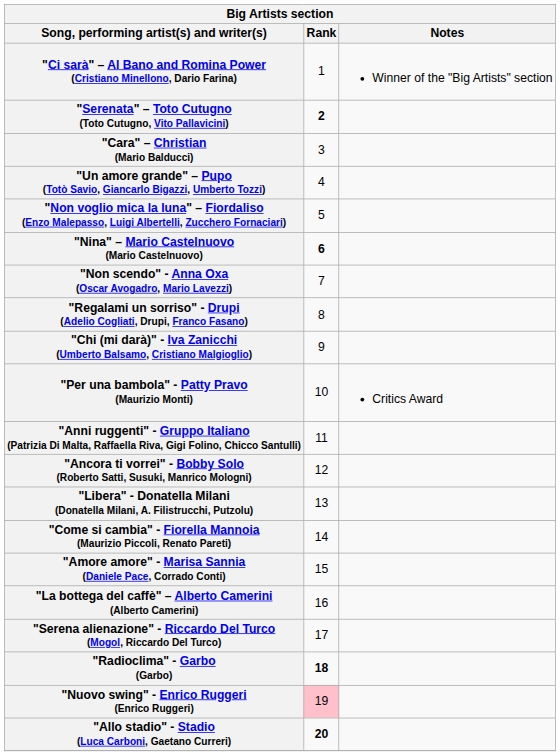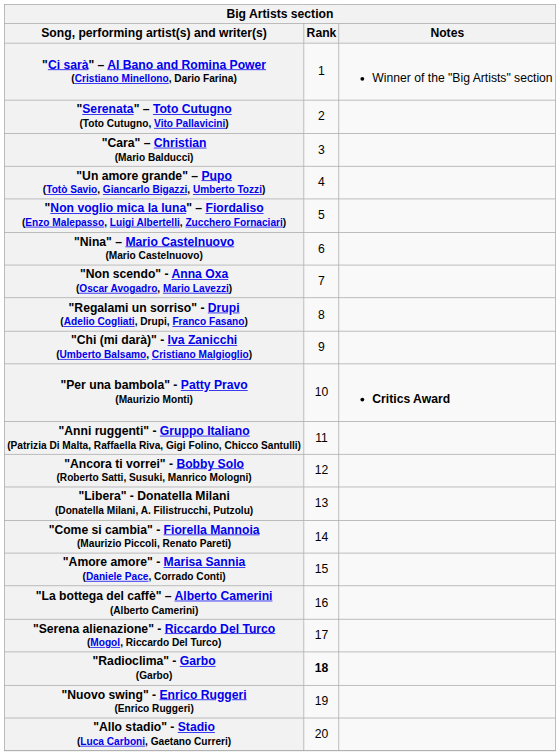 <table class="plainrowheaders wikitable">
 <tr>
 <th colspan="3">Big Artists section </th>
 </tr>
 <tr>
 <th>Song, performing artist(s) and writer(s)</th>
 <th>Rank</th>
 <th>Notes</th>
 </tr>
 <tr>
 <th scope="row">"<a href='#'>Ci sarà</a>" – <a href='#'>Al Bano and Romina Power</a> <br><small>(<a href='#'>Cristiano Minellono</a>, Dario Farina)</small></th>
 <td style="text-align:center;">1</td>
 <td><br><ul><li>Winner of the "Big Artists" section</li></ul></td>
 </tr>
 <tr>
 <th scope="row">"<a href='#'>Serenata</a>" – <a href='#'>Toto Cutugno</a> <br><small>(Toto Cutugno, <a href='#'>Vito Pallavicini</a>)</small></th>
-<td style="text-align:center;"><strong>2</strong></td>
+<td style="text-align:center;">2</td>
 <td></td>
 </tr>
 <tr>
 <th scope="row">"Cara" – <a href='#'>Christian</a> <br><small>(Mario Balducci)</small></th>
 <td style="text-align:center;">3</td>
 <td></td>
 </tr>
 <tr>
 <th scope="row">"Un amore grande" – <a href='#'>Pupo</a><br><small>(<a href='#'>Totò Savio</a>, <a href='#'>Giancarlo Bigazzi</a>, <a href='#'>Umberto Tozzi</a>)</small></th>
 <td style="text-align:center;">4</td>
 <td></td>
 </tr>
 <tr>
 <th scope="row">"<a href='#'>Non voglio mica la luna</a>" – <a href='#'>Fiordaliso</a> <br><small>(<a href='#'>Enzo Malepasso</a>, <a href='#'>Luigi Albertelli</a>, <a href='#'>Zucchero Fornaciari</a>)</small></th>
 <td style="text-align:center;">5</td>
 <td></td>
 </tr>
 <tr>
 <th scope="row">"Nina" – <a href='#'>Mario Castelnuovo</a> <br><small>(Mario Castelnuovo)</small></th>
-<td style="text-align:center;"><strong>6</strong></td>
+<td style="text-align:center;">6</td>
 <td></td>
 </tr>
 <tr>
 <th scope="row">"Non scendo" - <a href='#'>Anna Oxa</a> <br><small>(<a href='#'>Oscar Avogadro</a>, <a href='#'>Mario Lavezzi</a>)</small></th>
 <td style="text-align:center;">7</td>
 <td></td>
 </tr>
 <tr>
 <th scope="row">"Regalami un sorriso" - <a href='#'>Drupi</a> <br><small>(<a href='#'>Adelio Cogliati</a>, Drupi, <a href='#'>Franco Fasano</a>)</small></th>
 <td style="text-align:center;">8</td>
 <td></td>
 </tr>
 <tr>
 <th scope="row">"Chi (mi darà)" - <a href='#'>Iva Zanicchi</a> <br><small>(<a href='#'>Umberto Balsamo</a>, <a href='#'>Cristiano Malgioglio</a>)</small></th>
 <td style="text-align:center;">9</td>
 <td></td>
 </tr>
 <tr>
 <th scope="row">"Per una bambola" - <a href='#'>Patty Pravo</a> <br><small>(Maurizio Monti)</small></th>
 <td style="text-align:center;">10</td>
-<td><br><ul><li>Critics Award</li></ul></td>
+<td><strong><br><ul><li>Critics Award</li></ul></strong></td>
 </tr>
 <tr>
 <th scope="row">"Anni ruggenti" - <a href='#'>Gruppo Italiano</a> <br><small>(Patrizia Di Malta, Raffaella Riva, Gigi Folino, Chicco Santulli)</small></th>
 <td style="text-align:center;">11</td>
 <td></td>
 </tr>
 <tr>
 <th scope="row">"Ancora ti vorrei" - <a href='#'>Bobby Solo</a><br><small>(Roberto Satti, Susuki, Manrico Mologni)</small></th>
 <td style="text-align:center;">12</td>
 <td></td>
 </tr>
 <tr>
 <th scope="row">"Libera" - Donatella Milani <br><small>(Donatella Milani, A. Filistrucchi, Putzolu)</small></th>
 <td style="text-align:center;">13</td>
 <td></td>
 </tr>
 <tr>
 <th scope="row">"Come si cambia" - <a href='#'>Fiorella Mannoia</a> <br><small>(Maurizio Piccoli, Renato Pareti)</small></th>
 <td style="text-align:center;">14</td>
 <td></td>
 </tr>
 <tr>
 <th scope="row">"Amore amore" - <a href='#'>Marisa Sannia</a> <br><small>(<a href='#'>Daniele Pace</a>, Corrado Conti)</small></th>
 <td style="text-align:center;">15</td>
 <td></td>
 </tr>
 <tr>
 <th scope="row">"La bottega del caffè" – <a href='#'>Alberto Camerini</a> <br><small>(Alberto Camerini)</small></th>
 <td style="text-align:center;">16</td>
 <td></td>
 </tr>
 <tr>
 <th scope="row">"Serena alienazione" - <a href='#'>Riccardo Del Turco</a><br><small>(<a href='#'>Mogol</a>, Riccardo Del Turco)</small></th>
 <td style="text-align:center;">17</td>
 <td></td>
 </tr>
 <tr>
 <th scope="row">"Radioclima" - <a href='#'>Garbo</a> <br><small>(Garbo) </small></th>
 <td style="text-align:center;"><strong>18</strong></td>
 <td></td>
 </tr>
 <tr>
 <th scope="row">"Nuovo swing" - <a href='#'>Enrico Ruggeri</a> <br><small>(Enrico Ruggeri)</small></th>
-<td style="background: pink; text-align:center;">19</td>
+<td style="text-align:center;">19</td>
 <td></td>
 </tr>
 <tr>
 <th scope="row">"Allo stadio" - <a href='#'>Stadio</a> <br><small>(<a href='#'>Luca Carboni</a>, Gaetano Curreri)</small></th>
-<td style="text-align:center;"><strong>20</strong></td>
+<td style="text-align:center;">20</td>
 <td></td>
 </tr>
 <tr>
 </tr>
 </table>
